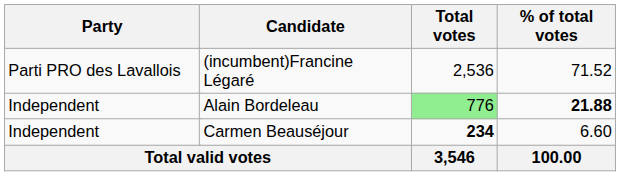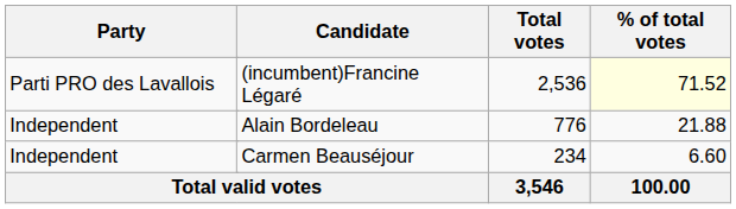 <table style="width:600px;" class="wikitable">
 <tr style="background-color:#E9E9E9">
 <th colspan="2" style="width: 200px">Party</th>
 <th colspan="1" style="width: 200px">Candidate</th>
 <th align="right">Total votes</th>
 <th align="right">% of total votes</th>
 </tr>
 <tr>
 <td colspan="2" align="left">Parti PRO des Lavallois</td>
 <td align="left">(incumbent)Francine Légaré</td>
 <td align="right">2,536</td>
-<td align="right">71.52</td>
+<td align="right" style="background: lightyellow;">71.52</td>
 </tr>
 <tr>
 <td colspan="2" align="left">Independent</td>
 <td align="left">Alain Bordeleau</td>
-<td align="right" style="background: lightgreen;">776</td>
-<td align="right"><strong>21.88</strong></td>
+<td align="right">776</td>
+<td align="right">21.88</td>
 </tr>
 <tr>
 <td colspan="2" align="left">Independent</td>
 <td align="left">Carmen Beauséjour</td>
-<td align="right"><strong>234</strong></td>
+<td align="right">234</td>
 <td align="right">6.60</td>
 </tr>
 <tr bgcolor="#EEEEEE">
 <th colspan="3"  align="left">Total valid votes</th>
 <th align="right">3,546</th>
 <th align="right">100.00</th>
 </tr>
 </table>
